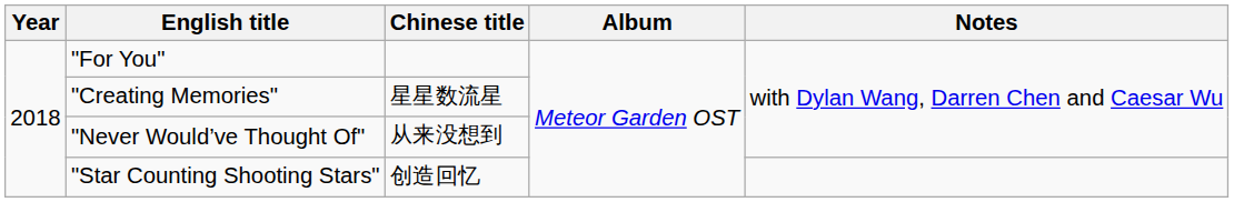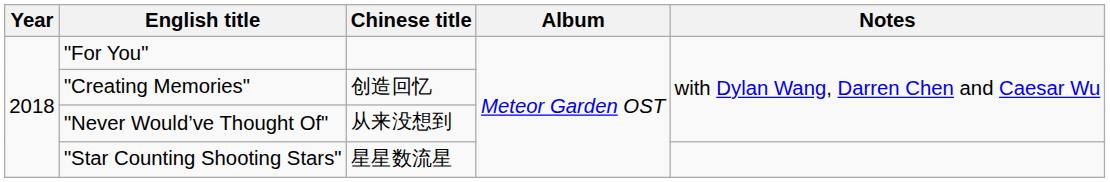 <table class="wikitable">
 <tr>
 <th>Year</th>
 <th>English title</th>
 <th>Chinese title</th>
 <th>Album</th>
 <th>Notes</th>
 </tr>
 <tr>
 <td rowspan=4>2018</td>
 <td>"For You"</td>
 <td></td>
 <td rowspan=4><em><a href='#'>Meteor Garden</a> OST</em></td>
 <td rowspan=3>with <a href='#'>Dylan Wang</a>, <a href='#'>Darren Chen</a> and <a href='#'>Caesar Wu</a></td>
 </tr>
 <tr>
 <td>"Creating Memories"</td>
-<td>星星数流星</td>
+<td>创造回忆</td>
 </tr>
 <tr>
 <td>"Never Would’ve Thought Of"</td>
 <td>从来没想到</td>
 </tr>
 <tr>
 <td>"Star Counting Shooting Stars"</td>
-<td>创造回忆</td>
+<td>星星数流星</td>
 <td></td>
 </tr>
 </table>
